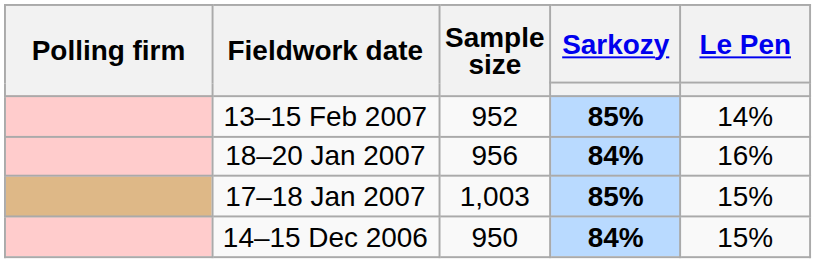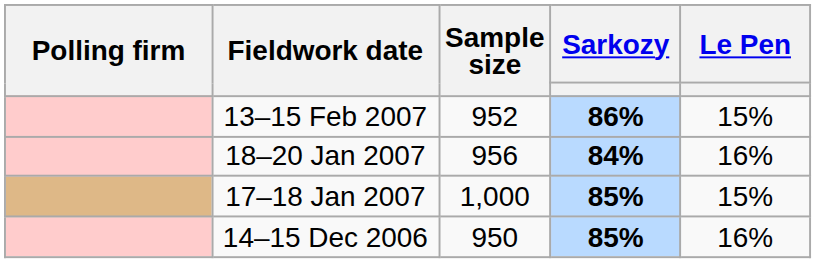 <table class="wikitable sortable" style="text-align:center;font-size:90%;line-height:14px;">
 <tr style="height:40px;">
 <th style="width:100px;" rowspan="2">Polling firm</th>
 <th style="width:110px;" rowspan="2">Fieldwork date</th>
 <th style="width:35px;" rowspan="2">Sample<br>size</th>
 <th class="unsortable" style="width:60px;"><a href='#'>Sarkozy</a><br></th>
 <th class="unsortable" style="width:60px;"><a href='#'>Le Pen</a><br></th>
 </tr>
 <tr>
 <th style="background:"></th>
 <th style="background:"></th>
 </tr>
 <tr>
 <td style="background:#FFCCCC;"></td>
 <td data-sort-value="2007-02-15">13–15 Feb 2007</td>
 <td>952</td>
-<td style="background:#B9DAFF;"><strong>85%</strong></td>
-<td>14%</td>
+<td style="background:#B9DAFF;"><strong>86%</strong></td>
+<td>15%</td>
 </tr>
 <tr>
 <td style="background:#FFCCCC;"></td>
 <td data-sort-value="2007-01-20">18–20 Jan 2007</td>
 <td>956</td>
 <td style="background:#B9DAFF;"><strong>84%</strong></td>
 <td>16%</td>
 </tr>
 <tr>
 <td style="background:burlywood;"></td>
 <td data-sort-value="2007-01-18">17–18 Jan 2007</td>
-<td>1,003</td>
+<td>1,000</td>
 <td style="background:#B9DAFF;"><strong>85%</strong></td>
 <td>15%</td>
 </tr>
 <tr>
 <td style="background:#FFCCCC;"></td>
 <td data-sort-value="2006-12-15">14–15 Dec 2006</td>
 <td>950</td>
-<td style="background:#B9DAFF;"><strong>84%</strong></td>
-<td>15%</td>
+<td style="background:#B9DAFF;"><strong>85%</strong></td>
+<td>16%</td>
 </tr>
 </table>
